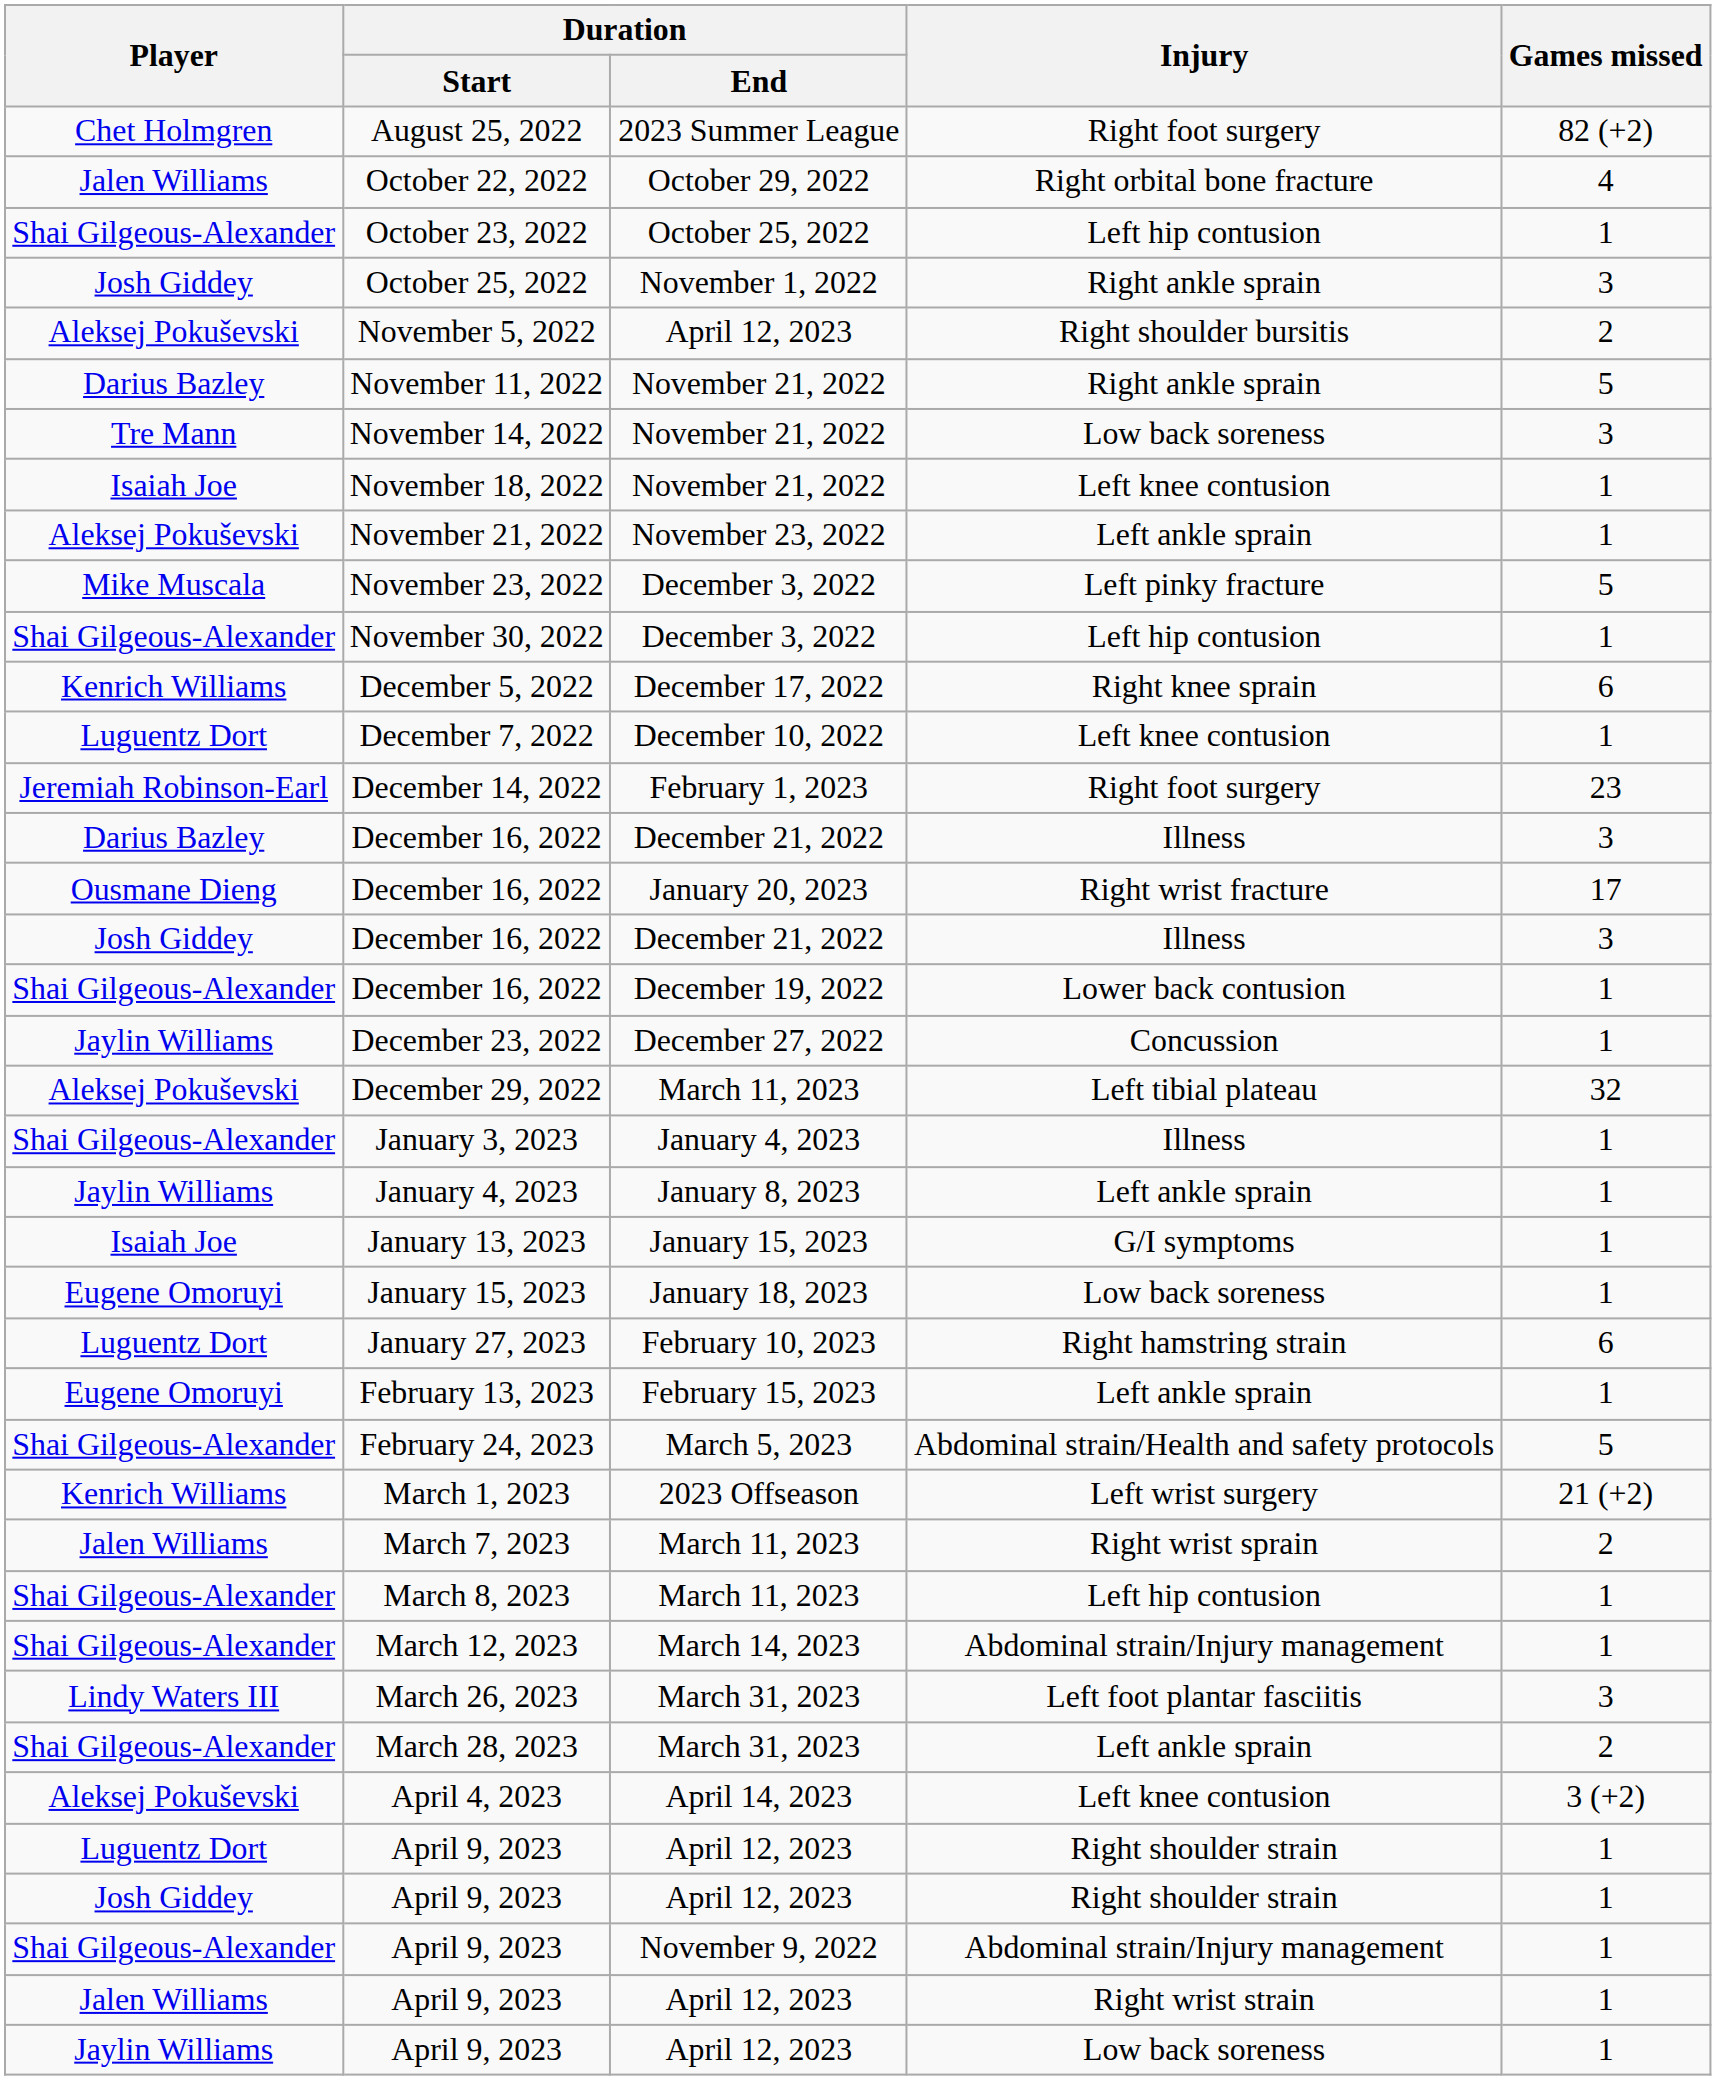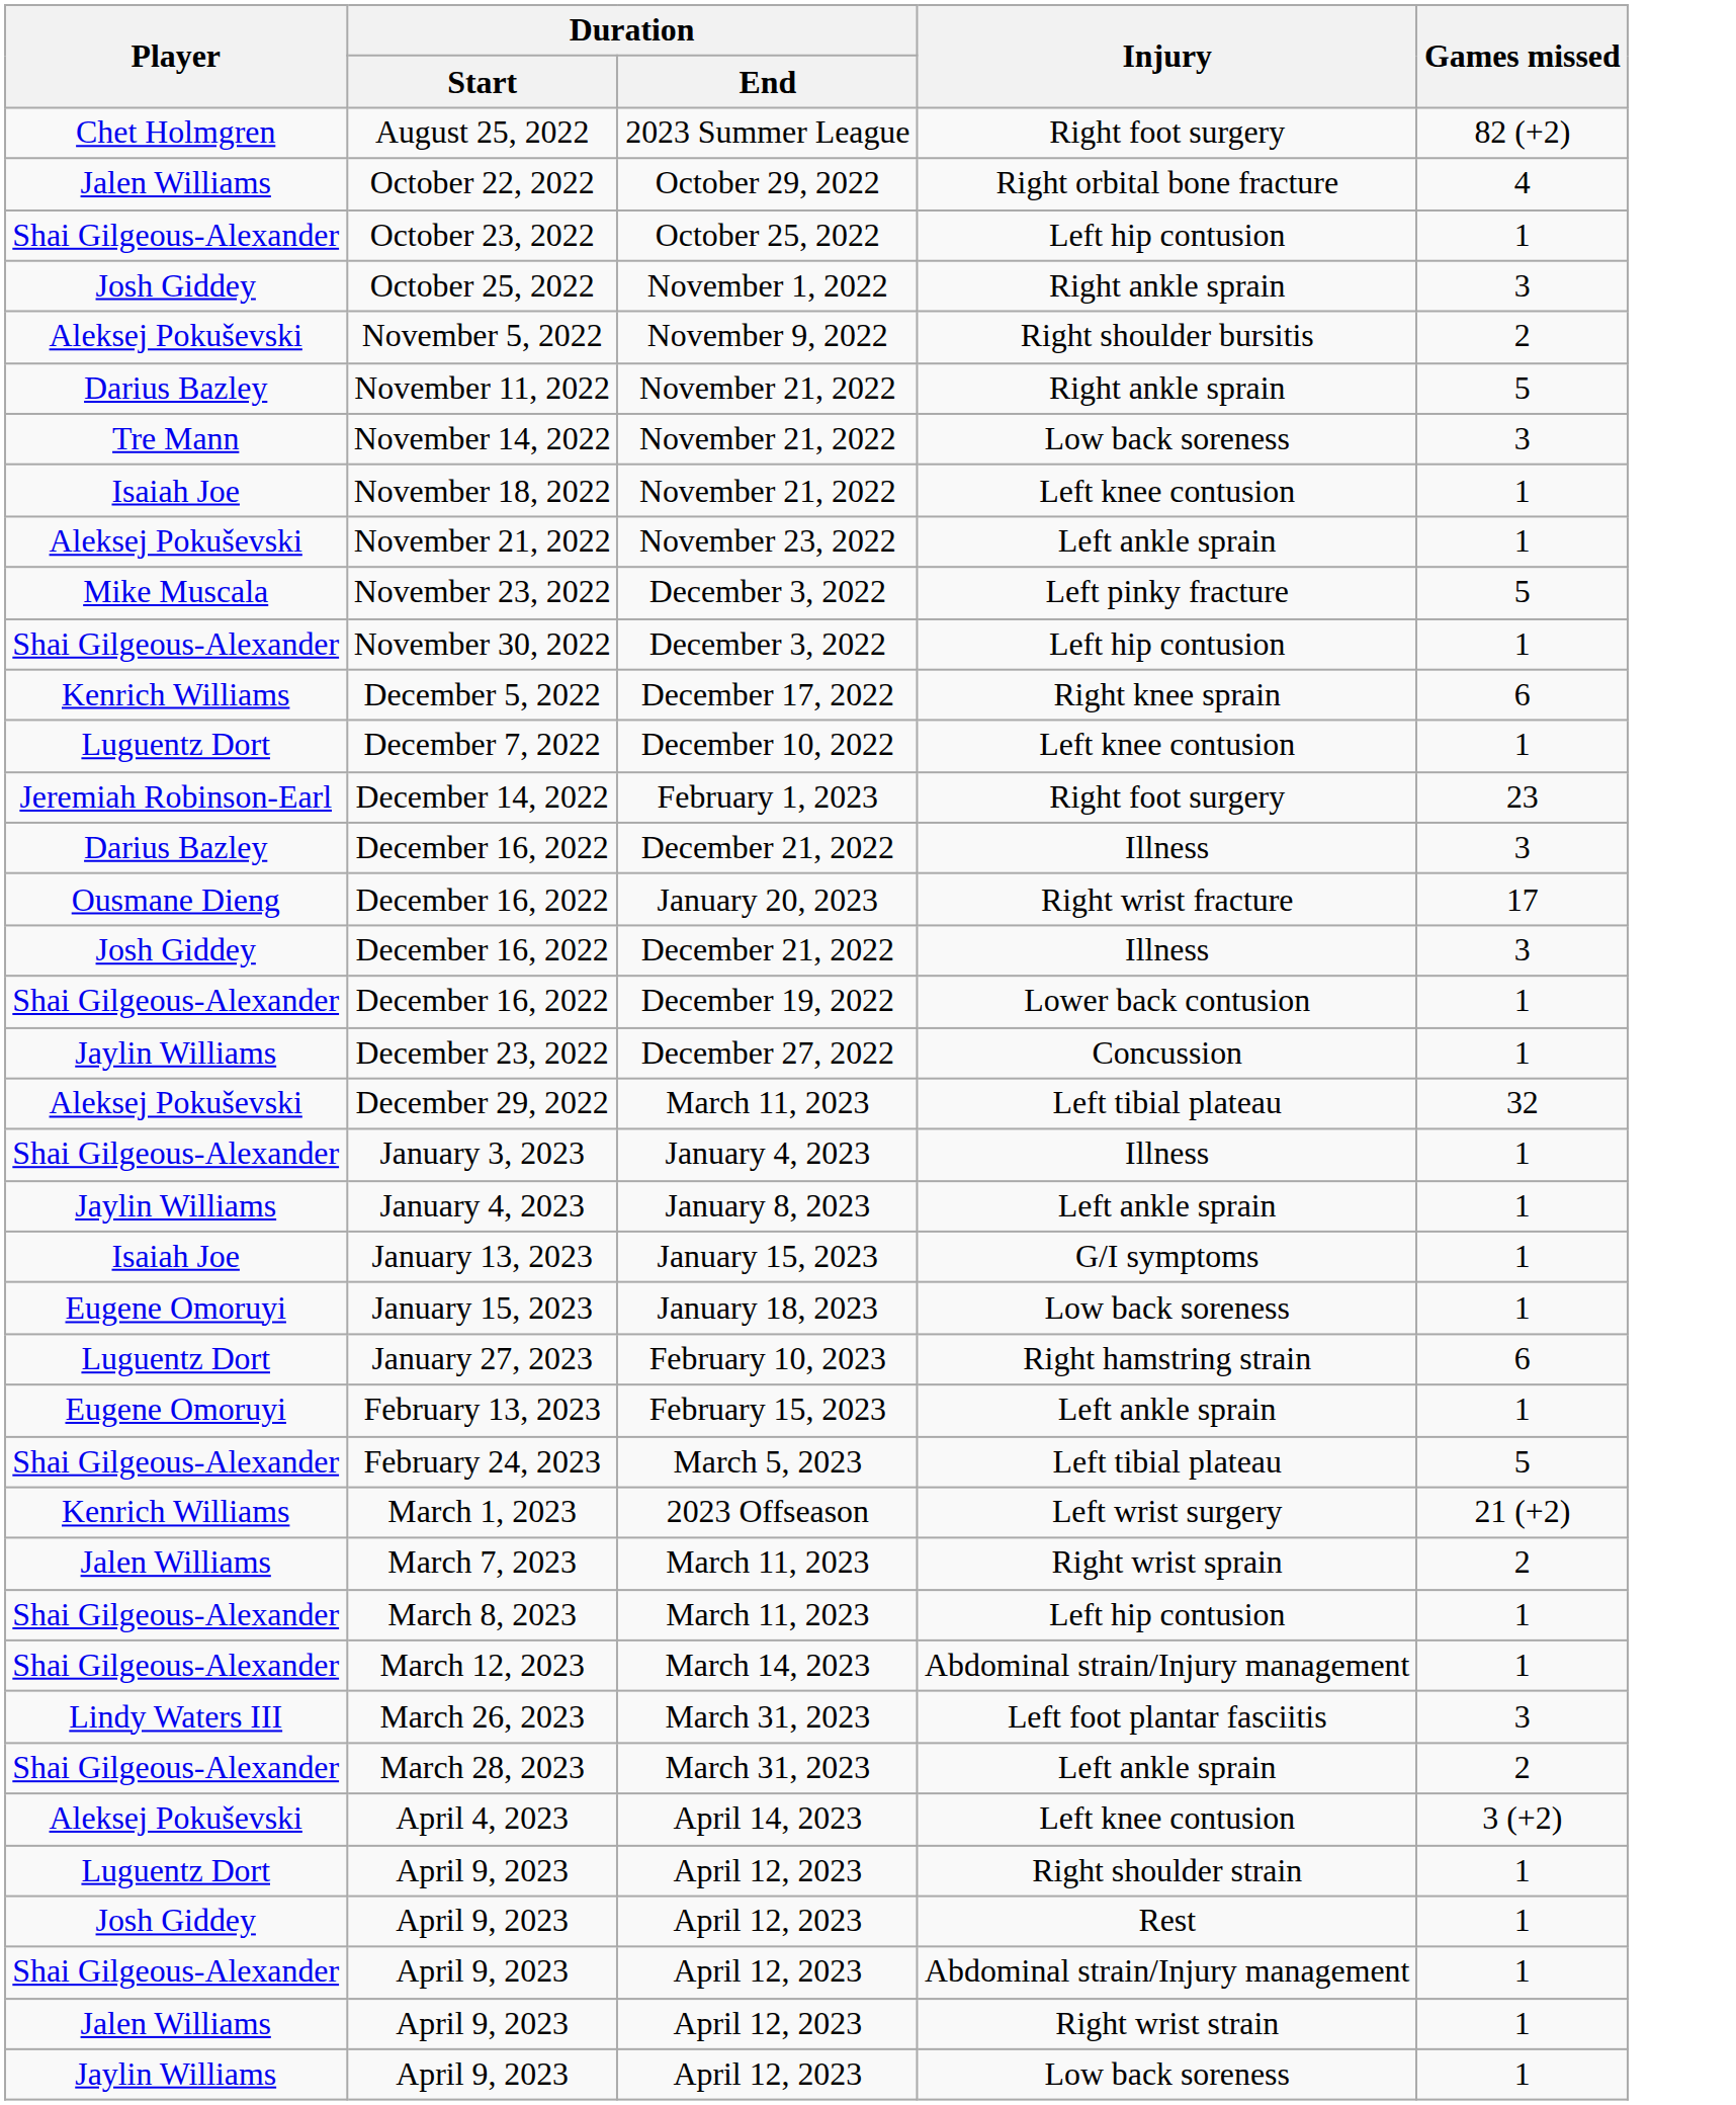 <table class="wikitable sortable collapsible" style="text-align:center;">
 <tr>
 <th rowspan="2">Player</th>
 <th colspan="2">Duration</th>
 <th rowspan="2">Injury</th>
 <th rowspan="2">Games missed</th>
 </tr>
 <tr>
 <th>Start</th>
 <th>End</th>
 </tr>
 <tr>
 <td><a href='#'>Chet Holmgren</a></td>
 <td>August 25, 2022</td>
 <td>2023 Summer League</td>
 <td>Right foot surgery</td>
 <td>82 (+2)</td>
 </tr>
 <tr>
 <td><a href='#'>Jalen Williams</a></td>
 <td>October 22, 2022</td>
 <td>October 29, 2022</td>
 <td>Right orbital bone fracture</td>
 <td>4</td>
 </tr>
 <tr>
 <td><a href='#'>Shai Gilgeous-Alexander</a></td>
 <td>October 23, 2022</td>
 <td>October 25, 2022</td>
 <td>Left hip contusion</td>
 <td>1</td>
 </tr>
 <tr>
 <td><a href='#'>Josh Giddey</a></td>
 <td>October 25, 2022</td>
 <td>November 1, 2022</td>
 <td>Right ankle sprain</td>
 <td>3</td>
 </tr>
 <tr>
 <td><a href='#'>Aleksej Pokuševski</a></td>
 <td>November 5, 2022</td>
-<td>April 12, 2023</td>
+<td>November 9, 2022</td>
 <td>Right shoulder bursitis</td>
 <td>2</td>
 </tr>
 <tr>
 <td><a href='#'>Darius Bazley</a></td>
 <td>November 11, 2022</td>
 <td>November 21, 2022</td>
 <td>Right ankle sprain</td>
 <td>5</td>
 </tr>
 <tr>
 <td><a href='#'>Tre Mann</a></td>
 <td>November 14, 2022</td>
 <td>November 21, 2022</td>
 <td>Low back soreness</td>
 <td>3</td>
 </tr>
 <tr>
 <td><a href='#'>Isaiah Joe</a></td>
 <td>November 18, 2022</td>
 <td>November 21, 2022</td>
 <td>Left knee contusion</td>
 <td>1</td>
 </tr>
 <tr>
 <td><a href='#'>Aleksej Pokuševski</a></td>
 <td>November 21, 2022</td>
 <td>November 23, 2022</td>
 <td>Left ankle sprain</td>
 <td>1</td>
 </tr>
 <tr>
 <td><a href='#'>Mike Muscala</a></td>
 <td>November 23, 2022</td>
 <td>December 3, 2022</td>
 <td>Left pinky fracture</td>
 <td>5</td>
 </tr>
 <tr>
 <td><a href='#'>Shai Gilgeous-Alexander</a></td>
 <td>November 30, 2022</td>
 <td>December 3, 2022</td>
 <td>Left hip contusion</td>
 <td>1</td>
 </tr>
 <tr>
 <td><a href='#'>Kenrich Williams</a></td>
 <td>December 5, 2022</td>
 <td>December 17, 2022</td>
 <td>Right knee sprain</td>
 <td>6</td>
 </tr>
 <tr>
 <td><a href='#'>Luguentz Dort</a></td>
 <td>December 7, 2022</td>
 <td>December 10, 2022</td>
 <td>Left knee contusion</td>
 <td>1</td>
 </tr>
 <tr>
 <td><a href='#'>Jeremiah Robinson-Earl</a></td>
 <td>December 14, 2022</td>
 <td>February 1, 2023</td>
 <td>Right foot surgery</td>
 <td>23</td>
 </tr>
 <tr>
 <td><a href='#'>Darius Bazley</a></td>
 <td>December 16, 2022</td>
 <td>December 21, 2022</td>
 <td>Illness</td>
 <td>3</td>
 </tr>
 <tr>
 <td><a href='#'>Ousmane Dieng</a></td>
 <td>December 16, 2022</td>
 <td>January 20, 2023</td>
 <td>Right wrist fracture</td>
 <td>17</td>
 </tr>
 <tr>
 <td><a href='#'>Josh Giddey</a></td>
 <td>December 16, 2022</td>
 <td>December 21, 2022</td>
 <td>Illness</td>
 <td>3</td>
 </tr>
 <tr>
 <td><a href='#'>Shai Gilgeous-Alexander</a></td>
 <td>December 16, 2022</td>
 <td>December 19, 2022</td>
 <td>Lower back contusion</td>
 <td>1</td>
 </tr>
 <tr>
 <td><a href='#'>Jaylin Williams</a></td>
 <td>December 23, 2022</td>
 <td>December 27, 2022</td>
 <td>Concussion</td>
 <td>1</td>
 </tr>
 <tr>
 <td><a href='#'>Aleksej Pokuševski</a></td>
 <td>December 29, 2022</td>
 <td>March 11, 2023</td>
 <td>Left tibial plateau</td>
 <td>32</td>
 </tr>
 <tr>
 <td><a href='#'>Shai Gilgeous-Alexander</a></td>
 <td>January 3, 2023</td>
 <td>January 4, 2023</td>
 <td>Illness</td>
 <td>1</td>
 </tr>
 <tr>
 <td><a href='#'>Jaylin Williams</a></td>
 <td>January 4, 2023</td>
 <td>January 8, 2023</td>
 <td>Left ankle sprain</td>
 <td>1</td>
 </tr>
 <tr>
 <td><a href='#'>Isaiah Joe</a></td>
 <td>January 13, 2023</td>
 <td>January 15, 2023</td>
 <td>G/I symptoms</td>
 <td>1</td>
 </tr>
 <tr>
 <td><a href='#'>Eugene Omoruyi</a></td>
 <td>January 15, 2023</td>
 <td>January 18, 2023</td>
 <td>Low back soreness</td>
 <td>1</td>
 </tr>
 <tr>
 <td><a href='#'>Luguentz Dort</a></td>
 <td>January 27, 2023</td>
 <td>February 10, 2023</td>
 <td>Right hamstring strain</td>
 <td>6</td>
 </tr>
 <tr>
 <td><a href='#'>Eugene Omoruyi</a></td>
 <td>February 13, 2023</td>
 <td>February 15, 2023</td>
 <td>Left ankle sprain</td>
 <td>1</td>
 </tr>
 <tr>
 <td><a href='#'>Shai Gilgeous-Alexander</a></td>
 <td>February 24, 2023</td>
 <td>March 5, 2023</td>
-<td>Abdominal strain/Health and safety protocols</td>
+<td>Left tibial plateau</td>
 <td>5</td>
 </tr>
 <tr>
 <td><a href='#'>Kenrich Williams</a></td>
 <td>March 1, 2023</td>
 <td>2023 Offseason</td>
 <td>Left wrist surgery</td>
 <td>21 (+2)</td>
 </tr>
 <tr>
 <td><a href='#'>Jalen Williams</a></td>
 <td>March 7, 2023</td>
 <td>March 11, 2023</td>
 <td>Right wrist sprain</td>
 <td>2</td>
 </tr>
 <tr>
 <td><a href='#'>Shai Gilgeous-Alexander</a></td>
 <td>March 8, 2023</td>
 <td>March 11, 2023</td>
 <td>Left hip contusion</td>
 <td>1</td>
 </tr>
 <tr>
 <td><a href='#'>Shai Gilgeous-Alexander</a></td>
 <td>March 12, 2023</td>
 <td>March 14, 2023</td>
 <td>Abdominal strain/Injury management</td>
 <td>1</td>
 </tr>
 <tr>
 <td><a href='#'>Lindy Waters III</a></td>
 <td>March 26, 2023</td>
 <td>March 31, 2023</td>
 <td>Left foot plantar fasciitis</td>
 <td>3</td>
 </tr>
 <tr>
 <td><a href='#'>Shai Gilgeous-Alexander</a></td>
 <td>March 28, 2023</td>
 <td>March 31, 2023</td>
 <td>Left ankle sprain</td>
 <td>2</td>
 </tr>
 <tr>
 <td><a href='#'>Aleksej Pokuševski</a></td>
 <td>April 4, 2023</td>
 <td>April 14, 2023</td>
 <td>Left knee contusion</td>
 <td>3 (+2)</td>
 </tr>
 <tr>
 <td><a href='#'>Luguentz Dort</a></td>
 <td>April 9, 2023</td>
 <td>April 12, 2023</td>
 <td>Right shoulder strain</td>
 <td>1</td>
 </tr>
 <tr>
 <td><a href='#'>Josh Giddey</a></td>
 <td>April 9, 2023</td>
 <td>April 12, 2023</td>
-<td>Right shoulder strain</td>
+<td>Rest</td>
 <td>1</td>
 </tr>
 <tr>
 <td><a href='#'>Shai Gilgeous-Alexander</a></td>
 <td>April 9, 2023</td>
-<td>November 9, 2022</td>
+<td>April 12, 2023</td>
 <td>Abdominal strain/Injury management</td>
 <td>1</td>
 </tr>
 <tr>
 <td><a href='#'>Jalen Williams</a></td>
 <td>April 9, 2023</td>
 <td>April 12, 2023</td>
 <td>Right wrist strain</td>
 <td>1</td>
 </tr>
 <tr>
 <td><a href='#'>Jaylin Williams</a></td>
 <td>April 9, 2023</td>
 <td>April 12, 2023</td>
 <td>Low back soreness</td>
 <td>1</td>
 </tr>
 </table>
